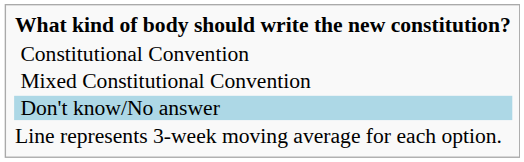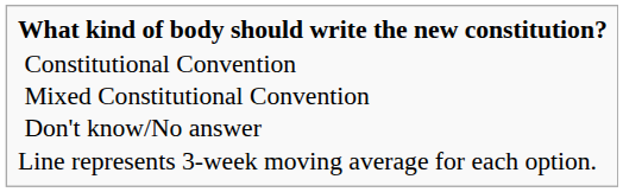 <table style="float; margin-left: 1em; margin-bottom: 0.5em" class="infobox">
 <tr>
 <td><strong>What kind of body should write the new constitution?</strong></td>
 </tr>
 <tr>
 <td style="padding: 0 5px;"> Constitutional Convention</td>
 </tr>
 <tr>
 <td style="padding: 0 5px;"> Mixed Constitutional Convention</td>
 </tr>
 <tr>
-<td style="background: lightblue; padding: 0 5px;"> Don't know/No answer</td>
+<td style="padding: 0 5px;"> Don't know/No answer</td>
 </tr>
 <tr>
 <td>Line represents 3-week moving average for each option.</td>
 </tr>
 </table>
